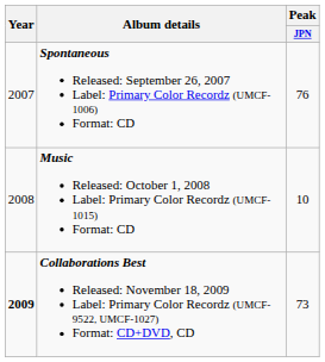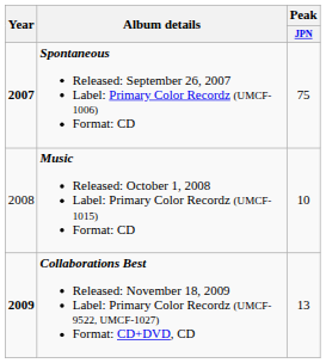 <table class="wikitable">
 <tr>
 <th rowspan="2">Year</th>
 <th rowspan="2" width="300">Album details</th>
 <th colspan="1">Peak</th>
 </tr>
 <tr>
 <th style="width:2em;font-size:75%"><a href='#'>JPN</a><br></th>
 </tr>
 <tr>
-<td>2007</td>
+<td><strong>2007</strong></td>
 <td><strong><em>Spontaneous</em></strong><br><ul><li>Released: September 26, 2007</li><li>Label: <a href='#'>Primary Color Recordz</a> <small>(UMCF-1006)</small></li><li>Format: CD</li></ul></td>
-<td align="center">76</td>
+<td align="center">75</td>
 </tr>
 <tr>
 <td>2008</td>
 <td><strong><em>Music</em></strong><br><ul><li>Released: October 1, 2008</li><li>Label: Primary Color Recordz <small>(UMCF-1015)</small></li><li>Format: CD</li></ul></td>
 <td align="center">10</td>
 </tr>
 <tr>
 <td><strong>2009</strong></td>
 <td><strong><em>Collaborations Best</em></strong><br><ul><li>Released: November 18, 2009</li><li>Label: Primary Color Recordz <small>(UMCF-9522, UMCF-1027)</small></li><li>Format: <a href='#'>CD+DVD</a>, CD</li></ul></td>
-<td align="center">73</td>
+<td align="center">13</td>
 </tr>
 </table>
